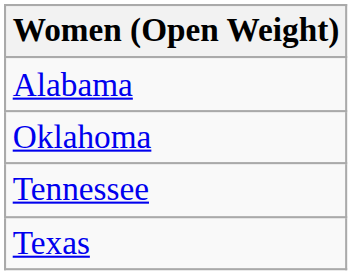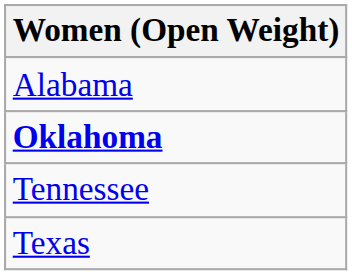 <table class="wikitable">
 <tr>
 <th>Women (Open Weight)</th>
 </tr>
 <tr>
 <td><a href='#'>Alabama</a></td>
 </tr>
 <tr>
-<td><a href='#'>Oklahoma</a></td>
+<td><strong><a href='#'>Oklahoma</a></strong></td>
 </tr>
 <tr>
 <td><a href='#'>Tennessee</a></td>
 </tr>
 <tr>
 <td><a href='#'>Texas</a></td>
 </tr>
 </table>
